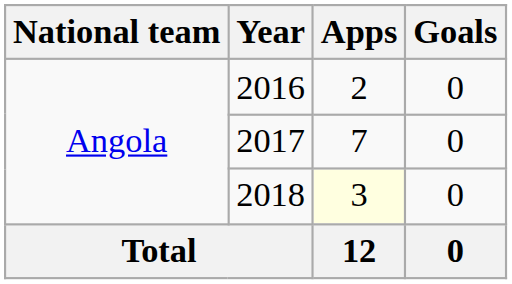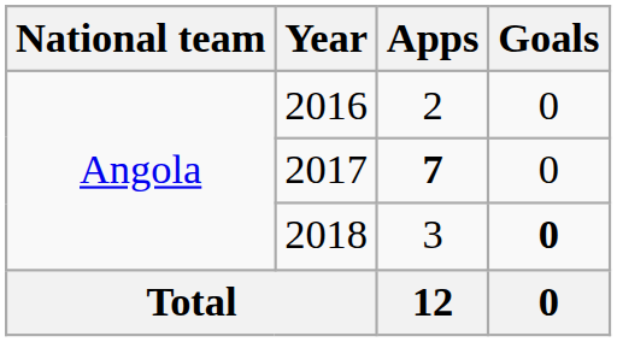 <table class="wikitable" style="text-align:center">
 <tr>
 <th>National team</th>
 <th>Year</th>
 <th>Apps</th>
 <th>Goals</th>
 </tr>
 <tr>
 <td rowspan="3"><a href='#'>Angola</a></td>
 <td>2016</td>
 <td>2</td>
 <td>0</td>
 </tr>
 <tr>
 <td>2017</td>
-<td>7</td>
+<td><strong>7</strong></td>
 <td>0</td>
 </tr>
 <tr>
 <td>2018</td>
-<td style="background: lightyellow;">3</td>
-<td>0</td>
+<td>3</td>
+<td><strong>0</strong></td>
 </tr>
 <tr>
 <th colspan=2>Total</th>
 <th>12</th>
 <th>0</th>
 </tr>
 </table>
